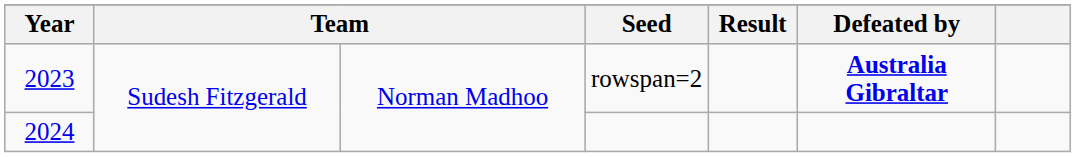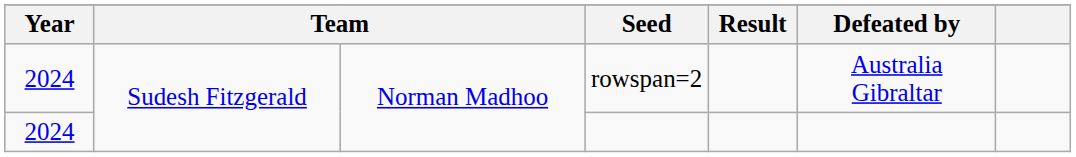 <table class="wikitable" style="text-align: center;">
 <tr style= "background: #e2e2e2;">
 </tr>
 <tr style="background: #efefef;">
 <th width=50px>Year</th>
 <th colspan="2">Team</th>
 <th width=50px>Seed</th>
 <th width=50px>Result</th>
 <th width=120px>Defeated by</th>
 <th width=40px></th>
 </tr>
 <tr>
-<td><a href='#'>2023</a></td>
+<td><a href='#'>2024</a></td>
 <td rowspan=2 width=150px><a href='#'>Sudesh Fitzgerald</a></td>
 <td rowspan=2 width=150px><a href='#'>Norman Madhoo</a></td>
 <td>rowspan=2 </td>
 <td></td>
-<td><strong> <a href='#'>Australia</a><br> <a href='#'>Gibraltar</a></strong></td>
+<td> <a href='#'>Australia</a><br> <a href='#'>Gibraltar</a></td>
 <td></td>
 </tr>
 <tr>
 <td><a href='#'>2024</a></td>
 <td></td>
 <td> <br> </td>
 <td></td>
 </tr>
 </table>
